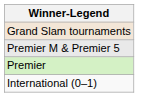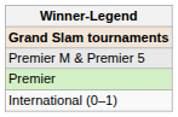 <table class=wikitable style="font-size:90%">
 <tr>
 <th>Winner-Legend</th>
 </tr>
 <tr>
-<td bgcolor=f3e6d7>Grand Slam tournaments</td>
+<td bgcolor=f3e6d7><strong>Grand Slam tournaments</strong></td>
 </tr>
 <tr>
 <td bgcolor=#e9e9e9>Premier M & Premier 5</td>
 </tr>
 <tr>
 <td bgcolor=#d4f1c5>Premier</td>
 </tr>
 <tr>
 <td>International (0–1)</td>
 </tr>
 </table>
